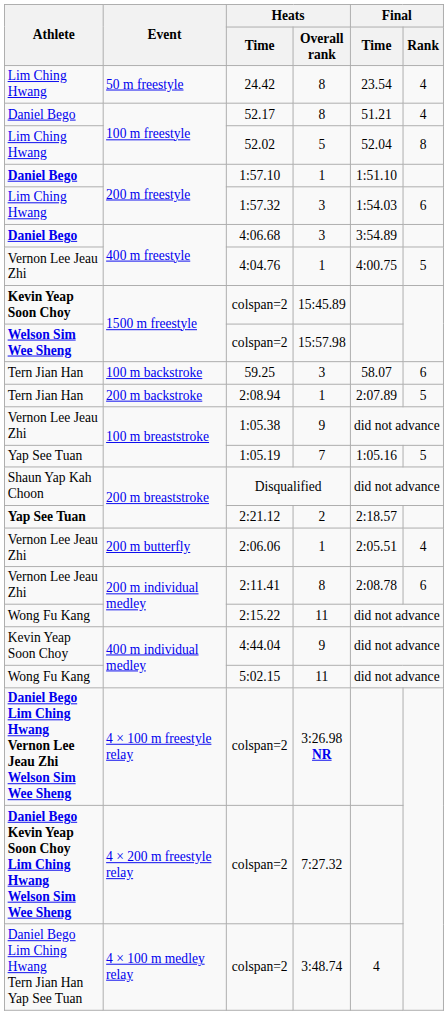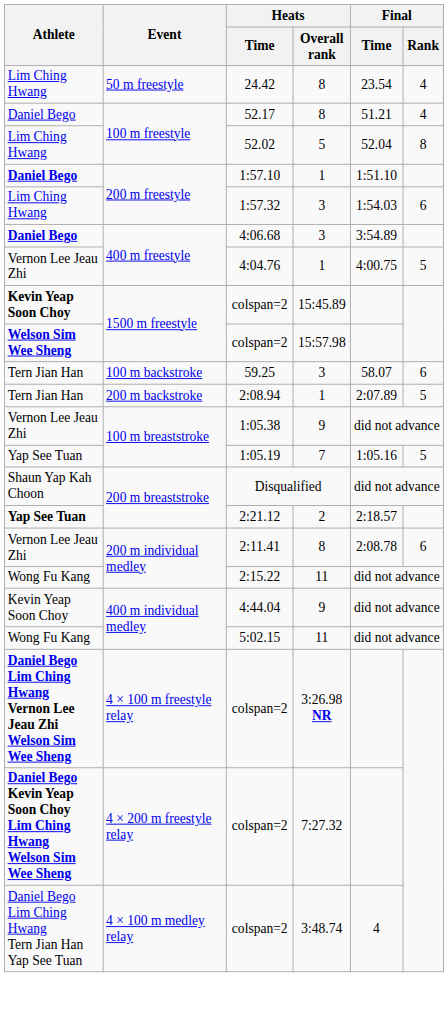 <table class="wikitable" width="75%" style="text-align:center; font-size:90%">
 <tr>
 <th rowspan="2" width="20%">Athlete</th>
 <th rowspan="2" width="25%">Event</th>
 <th colspan="2" width="15%">Heats</th>
 <th colspan="2" width="15%">Final</th>
 </tr>
 <tr>
 <th width="10%">Time</th>
 <th>Overall rank</th>
 <th width="10%">Time</th>
 <th>Rank</th>
 </tr>
 <tr>
 <td align=left><a href='#'>Lim Ching Hwang</a></td>
 <td align=left><a href='#'>50 m freestyle</a></td>
 <td>24.42</td>
 <td>8 <strong></strong></td>
 <td>23.54</td>
 <td>4</td>
 </tr>
 <tr>
 <td align=left><a href='#'>Daniel Bego</a></td>
 <td rowspan=2 align=left><a href='#'>100 m freestyle</a></td>
 <td>52.17</td>
 <td>8 <strong></strong></td>
 <td>51.21</td>
 <td>4</td>
 </tr>
 <tr>
 <td align=left><a href='#'>Lim Ching Hwang</a></td>
 <td>52.02</td>
 <td>5 <strong></strong></td>
 <td>52.04</td>
 <td>8</td>
 </tr>
 <tr>
 <td align=left><strong><a href='#'>Daniel Bego</a></strong></td>
 <td rowspan=2 align=left><a href='#'>200 m freestyle</a></td>
 <td>1:57.10</td>
 <td>1 <strong></strong></td>
 <td>1:51.10</td>
 <td></td>
 </tr>
 <tr>
 <td align=left><a href='#'>Lim Ching Hwang</a></td>
 <td>1:57.32</td>
 <td>3 <strong></strong></td>
 <td>1:54.03</td>
 <td>6</td>
 </tr>
 <tr>
 <td align=left><strong><a href='#'>Daniel Bego</a></strong></td>
 <td rowspan=2 align=left><a href='#'>400 m freestyle</a></td>
 <td>4:06.68</td>
 <td>3 <strong></strong></td>
 <td>3:54.89</td>
 <td></td>
 </tr>
 <tr>
 <td align=left>Vernon Lee Jeau Zhi</td>
 <td>4:04.76</td>
 <td>1 <strong></strong></td>
 <td>4:00.75</td>
 <td>5</td>
 </tr>
 <tr>
 <td align=left><strong>Kevin Yeap Soon Choy</strong></td>
 <td rowspan=2 align=left><a href='#'>1500 m freestyle</a></td>
 <td>colspan=2 </td>
 <td>15:45.89</td>
 <td></td>
 </tr>
 <tr>
 <td align=left><strong><a href='#'>Welson Sim Wee Sheng</a></strong></td>
 <td>colspan=2 </td>
 <td>15:57.98</td>
 <td></td>
 </tr>
 <tr>
 <td align=left>Tern Jian Han</td>
 <td align=left><a href='#'>100 m backstroke</a></td>
 <td>59.25</td>
 <td>3 <strong></strong></td>
 <td>58.07</td>
 <td>6</td>
 </tr>
 <tr>
 <td align=left>Tern Jian Han</td>
 <td align=left><a href='#'>200 m backstroke</a></td>
 <td>2:08.94</td>
 <td>1 <strong></strong></td>
 <td>2:07.89</td>
 <td>5</td>
 </tr>
 <tr>
 <td align=left>Vernon Lee Jeau Zhi</td>
 <td rowspan=2 align=left><a href='#'>100 m breaststroke</a></td>
 <td>1:05.38</td>
 <td>9</td>
 <td colspan=2>did not advance</td>
 </tr>
 <tr>
 <td align=left>Yap See Tuan</td>
 <td>1:05.19</td>
 <td>7 <strong></strong></td>
 <td>1:05.16</td>
 <td>5</td>
 </tr>
 <tr>
 <td align=left>Shaun Yap Kah Choon</td>
 <td rowspan=2 align=left><a href='#'>200 m breaststroke</a></td>
 <td colspan=2>Disqualified</td>
 <td colspan=2>did not advance</td>
 </tr>
 <tr>
 <td align=left><strong>Yap See Tuan</strong></td>
 <td>2:21.12</td>
 <td>2 <strong></strong></td>
 <td>2:18.57</td>
 <td></td>
 </tr>
 <tr>
 <td align=left>Vernon Lee Jeau Zhi</td>
-<td align=left><a href='#'>200 m butterfly</a></td>
-<td>2:06.06</td>
-<td>1 <strong></strong></td>
-<td>2:05.51</td>
-<td>4</td>
-</tr>
-<tr>
-<td align=left>Vernon Lee Jeau Zhi</td>
 <td rowspan=2 align=left><a href='#'>200 m individual medley</a></td>
 <td>2:11.41</td>
 <td>8 <strong></strong></td>
 <td>2:08.78</td>
 <td>6</td>
 </tr>
 <tr>
 <td align=left>Wong Fu Kang</td>
 <td>2:15.22</td>
 <td>11</td>
 <td colspan=2>did not advance</td>
 </tr>
 <tr>
 <td align=left>Kevin Yeap Soon Choy</td>
 <td rowspan=2 align=left><a href='#'>400 m individual medley</a></td>
 <td>4:44.04</td>
 <td>9</td>
 <td colspan=2>did not advance</td>
 </tr>
 <tr>
 <td align=left>Wong Fu Kang</td>
 <td>5:02.15</td>
 <td>11</td>
 <td colspan=2>did not advance</td>
 </tr>
 <tr>
 <td align=left><strong><a href='#'>Daniel Bego</a><br><a href='#'>Lim Ching Hwang</a><br>Vernon Lee Jeau Zhi<br><a href='#'>Welson Sim Wee Sheng</a></strong></td>
 <td align=left><a href='#'>4 × 100 m freestyle relay</a></td>
 <td>colspan=2 </td>
 <td>3:26.98 <strong><a href='#'>NR</a></strong></td>
 <td></td>
 </tr>
 <tr>
 <td align=left><strong><a href='#'>Daniel Bego</a><br>Kevin Yeap Soon Choy<br><a href='#'>Lim Ching Hwang</a><br><a href='#'>Welson Sim Wee Sheng</a></strong></td>
 <td align=left><a href='#'>4 × 200 m freestyle relay</a></td>
 <td>colspan=2 </td>
 <td>7:27.32</td>
 <td></td>
 </tr>
 <tr>
 <td align=left><a href='#'>Daniel Bego</a><br><a href='#'>Lim Ching Hwang</a><br>Tern Jian Han<br>Yap See Tuan</td>
 <td align=left><a href='#'>4 × 100 m medley relay</a></td>
 <td>colspan=2 </td>
 <td>3:48.74</td>
 <td>4</td>
 </tr>
 </table>
